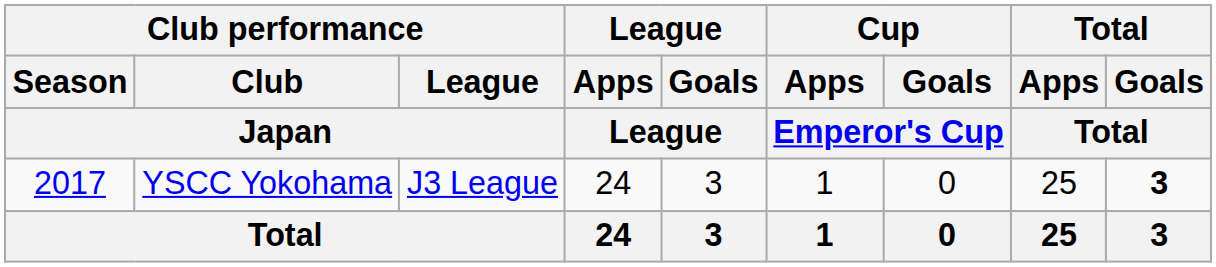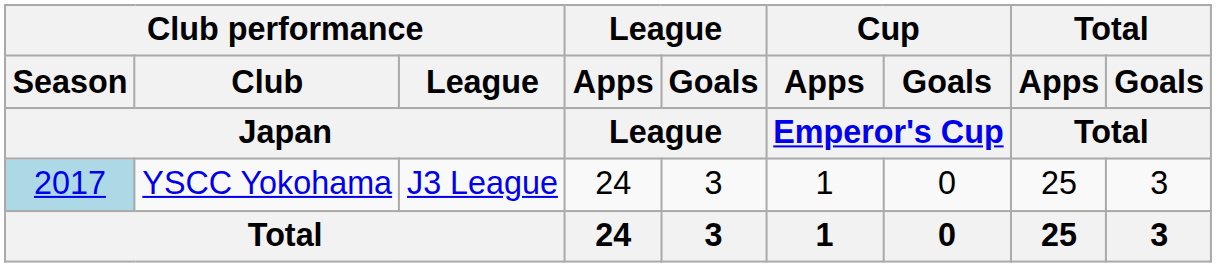 <table class="wikitable" style="text-align:center;">
 <tr>
 <th colspan=3>Club performance</th>
 <th colspan=2>League</th>
 <th colspan=2>Cup</th>
 <th colspan=2>Total</th>
 </tr>
 <tr>
 <th>Season</th>
 <th>Club</th>
 <th>League</th>
 <th>Apps</th>
 <th>Goals</th>
 <th>Apps</th>
 <th>Goals</th>
 <th>Apps</th>
 <th>Goals</th>
 </tr>
 <tr>
 <th colspan=3>Japan</th>
 <th colspan=2>League</th>
 <th colspan=2><a href='#'>Emperor's Cup</a></th>
 <th colspan=2>Total</th>
 </tr>
 <tr>
-<td><a href='#'>2017</a></td>
+<td style="background: lightblue;"><a href='#'>2017</a></td>
 <td rowspan="1"><a href='#'>YSCC Yokohama</a></td>
 <td rowspan="1"><a href='#'>J3 League</a></td>
 <td>24</td>
 <td>3</td>
 <td>1</td>
 <td>0</td>
 <td>25</td>
-<td><strong>3</strong></td>
+<td>3</td>
 </tr>
 <tr>
 <th colspan=3>Total</th>
 <th>24</th>
 <th>3</th>
 <th>1</th>
 <th>0</th>
 <th>25</th>
 <th>3</th>
 </tr>
 </table>
